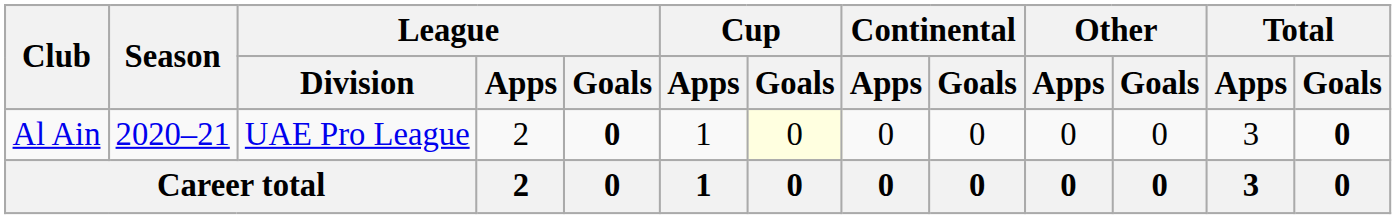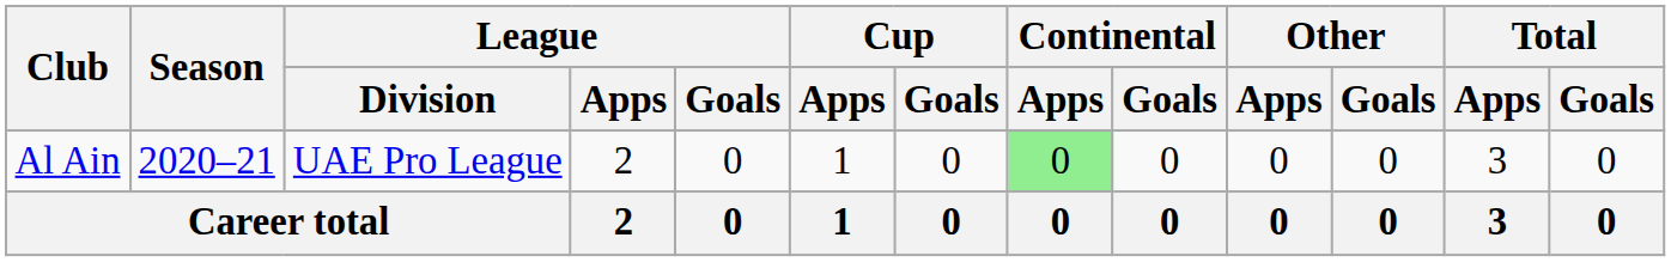 <table class="wikitable" style="text-align: center">
 <tr>
 <th rowspan="2">Club</th>
 <th rowspan="2">Season</th>
 <th colspan="3">League</th>
 <th colspan="2">Cup</th>
 <th colspan="2">Continental</th>
 <th colspan="2">Other</th>
 <th colspan="2">Total</th>
 </tr>
 <tr>
 <th>Division</th>
 <th>Apps</th>
 <th>Goals</th>
 <th>Apps</th>
 <th>Goals</th>
 <th>Apps</th>
 <th>Goals</th>
 <th>Apps</th>
 <th>Goals</th>
 <th>Apps</th>
 <th>Goals</th>
 </tr>
 <tr>
 <td><a href='#'>Al Ain</a></td>
 <td><a href='#'>2020–21</a></td>
 <td><a href='#'>UAE Pro League</a></td>
 <td>2</td>
-<td><strong>0</strong></td>
+<td>0</td>
 <td>1</td>
-<td style="background: lightyellow;">0</td>
 <td>0</td>
+<td style="background: lightgreen;">0</td>
 <td>0</td>
 <td>0</td>
 <td>0</td>
 <td>3</td>
-<td><strong>0</strong></td>
+<td>0</td>
 </tr>
 <tr>
 <th colspan="3"><strong>Career total</strong></th>
 <th>2</th>
 <th>0</th>
 <th>1</th>
 <th>0</th>
 <th>0</th>
 <th>0</th>
 <th>0</th>
 <th>0</th>
 <th>3</th>
 <th>0</th>
 </tr>
 </table>
